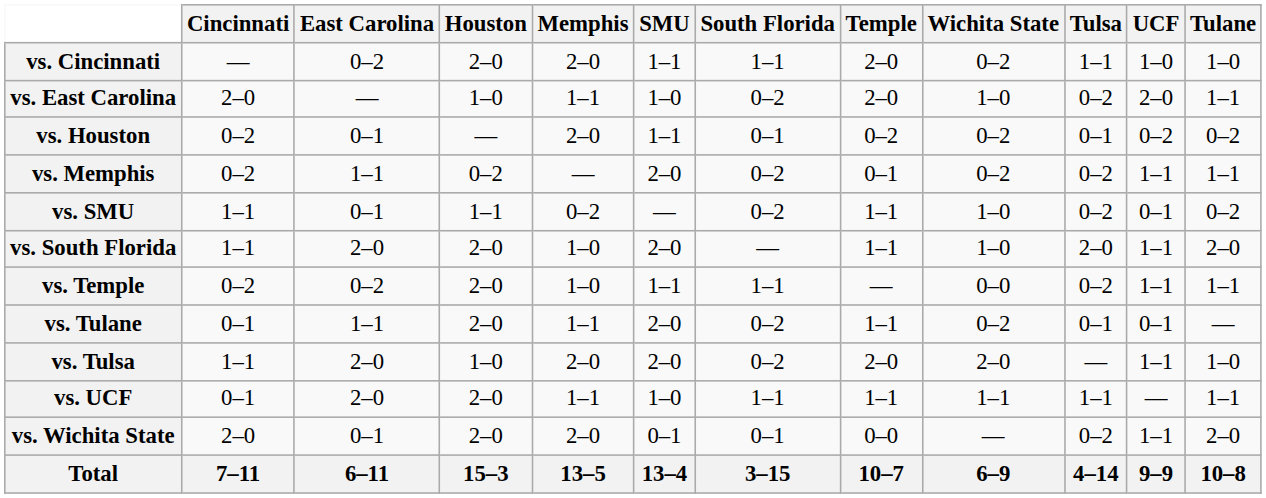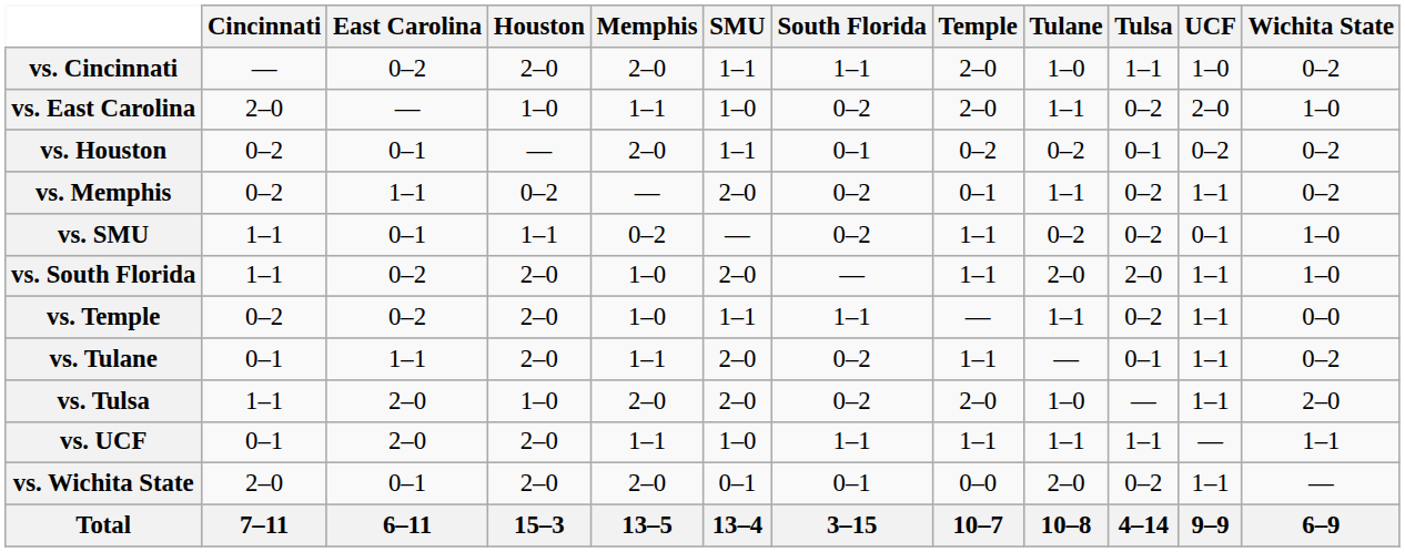 <table class="wikitable" style="white-space:nowrap;font-size:90%;">
 <tr>
 <th colspan="1" style="background:white; border-top-style:hidden; border-left-style:hidden;" width="75"> </th>
 <th style=>Cincinnati</th>
 <th style=>East Carolina</th>
 <th>Houston</th>
 <th>Memphis</th>
 <th>SMU</th>
 <th>South Florida</th>
 <th>Temple</th>
-<th style=>Wichita State</th>
+<th>Tulane</th>
 <th>Tulsa</th>
 <th style=>UCF</th>
-<th>Tulane</th>
+<th style=>Wichita State</th>
 </tr>
 <tr style="text-align:center;">
 <th>vs. Cincinnati</th>
 <td>—</td>
 <td>0–2</td>
 <td>2–0</td>
 <td>2–0</td>
 <td>1–1</td>
 <td>1–1</td>
 <td>2–0</td>
-<td>0–2</td>
+<td>1–0</td>
 <td>1–1</td>
 <td>1–0</td>
-<td>1–0</td>
+<td>0–2</td>
 </tr>
 <tr style="text-align:center;">
 <th>vs. East Carolina</th>
 <td>2–0</td>
 <td>—</td>
 <td>1–0</td>
 <td>1–1</td>
 <td>1–0</td>
 <td>0–2</td>
 <td>2–0</td>
-<td>1–0</td>
+<td>1–1</td>
 <td>0–2</td>
 <td>2–0</td>
-<td>1–1</td>
+<td>1–0</td>
 </tr>
 <tr style="text-align:center;">
 <th>vs. Houston</th>
 <td>0–2</td>
 <td>0–1</td>
 <td>—</td>
 <td>2–0</td>
 <td>1–1</td>
 <td>0–1</td>
 <td>0–2</td>
 <td>0–2</td>
 <td>0–1</td>
 <td>0–2</td>
 <td>0–2</td>
 </tr>
 <tr style="text-align:center;">
 <th>vs. Memphis</th>
 <td>0–2</td>
 <td>1–1</td>
 <td>0–2</td>
 <td>—</td>
 <td>2–0</td>
 <td>0–2</td>
 <td>0–1</td>
-<td>0–2</td>
+<td>1–1</td>
 <td>0–2</td>
 <td>1–1</td>
-<td>1–1</td>
+<td>0–2</td>
 </tr>
 <tr style="text-align:center;">
 <th>vs. SMU</th>
 <td>1–1</td>
 <td>0–1</td>
 <td>1–1</td>
 <td>0–2</td>
 <td>—</td>
 <td>0–2</td>
 <td>1–1</td>
-<td>1–0</td>
+<td>0–2</td>
 <td>0–2</td>
 <td>0–1</td>
-<td>0–2</td>
+<td>1–0</td>
 </tr>
 <tr style="text-align:center;">
 <th>vs. South Florida</th>
 <td>1–1</td>
-<td>2–0</td>
+<td>0–2</td>
 <td>2–0</td>
 <td>1–0</td>
 <td>2–0</td>
 <td>—</td>
 <td>1–1</td>
-<td>1–0</td>
+<td>2–0</td>
 <td>2–0</td>
 <td>1–1</td>
-<td>2–0</td>
+<td>1–0</td>
 </tr>
 <tr style="text-align:center;">
 <th>vs. Temple</th>
 <td>0–2</td>
 <td>0–2</td>
 <td>2–0</td>
 <td>1–0</td>
 <td>1–1</td>
 <td>1–1</td>
 <td>—</td>
-<td>0–0</td>
+<td>1–1</td>
 <td>0–2</td>
 <td>1–1</td>
-<td>1–1</td>
+<td>0–0</td>
 </tr>
 <tr style="text-align:center;">
 <th>vs. Tulane</th>
 <td>0–1</td>
 <td>1–1</td>
 <td>2–0</td>
 <td>1–1</td>
 <td>2–0</td>
 <td>0–2</td>
 <td>1–1</td>
+<td>—</td>
+<td>0–1</td>
+<td>1–1</td>
 <td>0–2</td>
-<td>0–1</td>
-<td>0–1</td>
-<td>—</td>
 </tr>
 <tr style="text-align:center;">
 <th>vs. Tulsa</th>
 <td>1–1</td>
 <td>2–0</td>
 <td>1–0</td>
 <td>2–0</td>
 <td>2–0</td>
 <td>0–2</td>
 <td>2–0</td>
-<td>2–0</td>
+<td>1–0</td>
 <td>—</td>
 <td>1–1</td>
-<td>1–0</td>
+<td>2–0</td>
 </tr>
 <tr style="text-align:center;">
 <th>vs. UCF</th>
 <td>0–1</td>
 <td>2–0</td>
 <td>2–0</td>
 <td>1–1</td>
 <td>1–0</td>
 <td>1–1</td>
 <td>1–1</td>
 <td>1–1</td>
 <td>1–1</td>
 <td>—</td>
 <td>1–1</td>
 </tr>
 <tr style="text-align:center;">
 <th>vs. Wichita State</th>
 <td>2–0</td>
 <td>0–1</td>
 <td>2–0</td>
 <td>2–0</td>
 <td>0–1</td>
 <td>0–1</td>
 <td>0–0</td>
-<td>—<br></td>
+<td>2–0</td>
 <td>0–2</td>
 <td>1–1</td>
-<td>2–0</td>
+<td>—<br></td>
 </tr>
 <tr style="text-align:center;">
 <th>Total</th>
 <th>7–11</th>
 <th>6–11</th>
 <th>15–3</th>
 <th>13–5</th>
 <th>13–4</th>
 <th>3–15</th>
 <th>10–7</th>
-<th>6–9</th>
+<th>10–8</th>
 <th>4–14</th>
 <th>9–9</th>
-<th>10–8</th>
+<th>6–9</th>
 </tr>
 </table>
